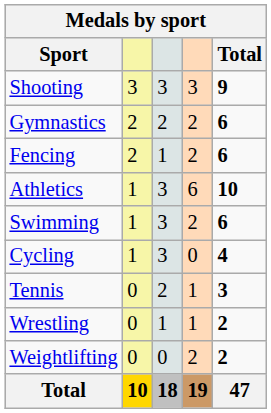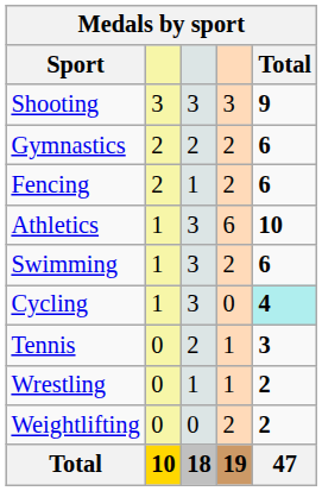 <table class="wikitable" style="font-size:85%; float:right;">
 <tr style="background:#efefef;">
 <th colspan=5>Medals by sport</th>
 </tr>
 <tr>
 <th>Sport</th>
 <td bgcolor=F7F6A8></td>
 <td bgcolor=DCE5E5></td>
 <td bgcolor=FFDAB9></td>
 <th>Total</th>
 </tr>
 <tr>
 <td><a href='#'>Shooting</a></td>
 <td bgcolor=F7F6A8>3</td>
 <td bgcolor=DCE5E5>3</td>
 <td bgcolor=FFDAB9>3</td>
 <td><strong>9</strong></td>
 </tr>
 <tr>
 <td><a href='#'>Gymnastics</a></td>
 <td bgcolor=F7F6A8>2</td>
 <td bgcolor=DCE5E5>2</td>
 <td bgcolor=FFDAB9>2</td>
 <td><strong>6</strong></td>
 </tr>
 <tr>
 <td><a href='#'>Fencing</a></td>
 <td bgcolor=F7F6A8>2</td>
 <td bgcolor=DCE5E5>1</td>
 <td bgcolor=FFDAB9>2</td>
 <td><strong>6</strong></td>
 </tr>
 <tr>
 <td><a href='#'>Athletics</a></td>
 <td bgcolor=F7F6A8>1</td>
 <td bgcolor=DCE5E5>3</td>
 <td bgcolor=FFDAB9>6</td>
 <td><strong>10</strong></td>
 </tr>
 <tr>
 <td><a href='#'>Swimming</a></td>
 <td bgcolor=F7F6A8>1</td>
 <td bgcolor=DCE5E5>3</td>
 <td bgcolor=FFDAB9>2</td>
 <td><strong>6</strong></td>
 </tr>
 <tr>
 <td><a href='#'>Cycling</a></td>
 <td bgcolor=F7F6A8>1</td>
 <td bgcolor=DCE5E5>3</td>
 <td bgcolor=FFDAB9>0</td>
-<td><strong>4</strong></td>
+<td style="background: paleturquoise;"><strong>4</strong></td>
 </tr>
 <tr>
 <td><a href='#'>Tennis</a></td>
 <td bgcolor=F7F6A8>0</td>
 <td bgcolor=DCE5E5>2</td>
 <td bgcolor=FFDAB9>1</td>
 <td><strong>3</strong></td>
 </tr>
 <tr>
 <td><a href='#'>Wrestling</a></td>
 <td bgcolor=F7F6A8>0</td>
 <td bgcolor=DCE5E5>1</td>
 <td bgcolor=FFDAB9>1</td>
 <td><strong>2</strong></td>
 </tr>
 <tr>
 <td><a href='#'>Weightlifting</a></td>
 <td bgcolor=F7F6A8>0</td>
 <td bgcolor=DCE5E5>0</td>
 <td bgcolor=FFDAB9>2</td>
 <td><strong>2</strong></td>
 </tr>
 <tr>
 <th>Total</th>
 <th style=background:gold>10</th>
 <th style=background:silver>18</th>
 <th style=background:#c96>19</th>
 <th>47</th>
 </tr>
 </table>
